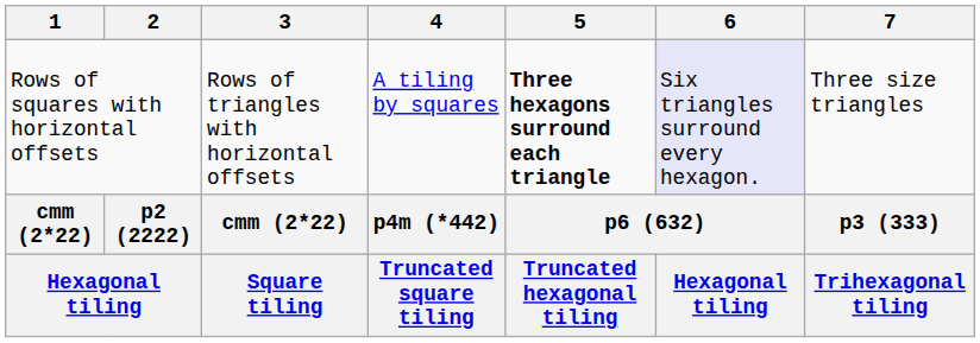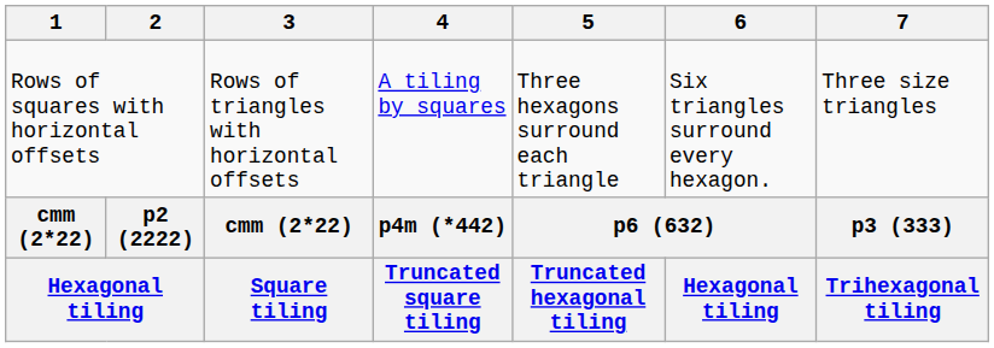 <table class=wikitable width=600>
 <tr>
 <th>1</th>
 <th>2</th>
 <th>3</th>
 <th>4</th>
 <th>5</th>
 <th>6</th>
 <th>7</th>
 </tr>
 <tr valign=top>
 <td colspan=2><br>Rows of squares with horizontal offsets</td>
 <td><br>Rows of triangles with horizontal offsets</td>
 <td><br><a href='#'>A tiling by squares</a></td>
-<td><strong><br>Three hexagons surround each triangle</strong></td>
-<td style="background: lavender;"><br>Six triangles surround every hexagon.</td>
+<td><br>Three hexagons surround each triangle</td>
+<td><br>Six triangles surround every hexagon.</td>
 <td><br>Three size triangles</td>
 </tr>
 <tr>
 <th>cmm (2*22)</th>
 <th>p2 (2222)</th>
 <th>cmm (2*22)</th>
 <th>p4m (*442)</th>
 <th colspan=2>p6 (632)</th>
 <th>p3 (333)</th>
 </tr>
 <tr>
 <th colspan=2><a href='#'>Hexagonal tiling</a></th>
 <th><a href='#'>Square tiling</a></th>
 <th><a href='#'>Truncated square tiling</a></th>
 <th><a href='#'>Truncated hexagonal tiling</a></th>
 <th><a href='#'>Hexagonal tiling</a></th>
 <th><a href='#'>Trihexagonal tiling</a></th>
 </tr>
 </table>
